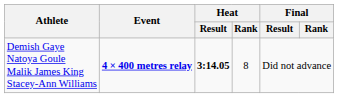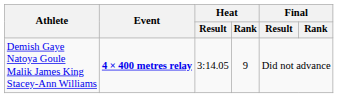 <table class="wikitable" style="font-size:90%">
 <tr>
 <th rowspan="2">Athlete</th>
 <th rowspan="2">Event</th>
 <th colspan="2">Heat</th>
 <th colspan="2">Final</th>
 </tr>
 <tr style="font-size:95%">
 <th>Result</th>
 <th>Rank</th>
 <th>Result</th>
 <th>Rank</th>
 </tr>
 <tr align=center>
 <td align=left><a href='#'>Demish Gaye</a><br><a href='#'>Natoya Goule</a><br><a href='#'>Malik James King</a><br><a href='#'>Stacey-Ann Williams</a></td>
 <td align=left><strong><a href='#'>4 × 400 metres relay</a></strong></td>
-<td><strong>3:14.05</strong></td>
-<td>8</td>
+<td>3:14.05</td>
+<td>9</td>
 <td colspan=2>Did not advance</td>
 </tr>
 </table>
